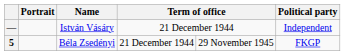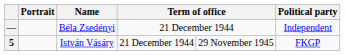 <table class="wikitable" style="text-align:center">
 <tr>
 <th></th>
 <th>Portrait</th>
 <th>Name<br></th>
 <th colspan=2>Term of office</th>
 <th>Political party</th>
 </tr>
 <tr>
 <th style="background-color:">—</th>
 <td></td>
-<td><a href='#'>István Vásáry</a><br></td>
+<td><a href='#'>Béla Zsedényi</a><br></td>
 <td colspan=2>21 December 1944</td>
 <td><a href='#'>Independent</a></td>
 </tr>
 <tr>
 <th style="background-color:">5</th>
 <td></td>
-<td><a href='#'>Béla Zsedényi</a><br></td>
+<td><a href='#'>István Vásáry</a><br></td>
 <td>21 December 1944</td>
 <td>29 November 1945</td>
 <td><a href='#'>FKGP</a></td>
 </tr>
 </table>
